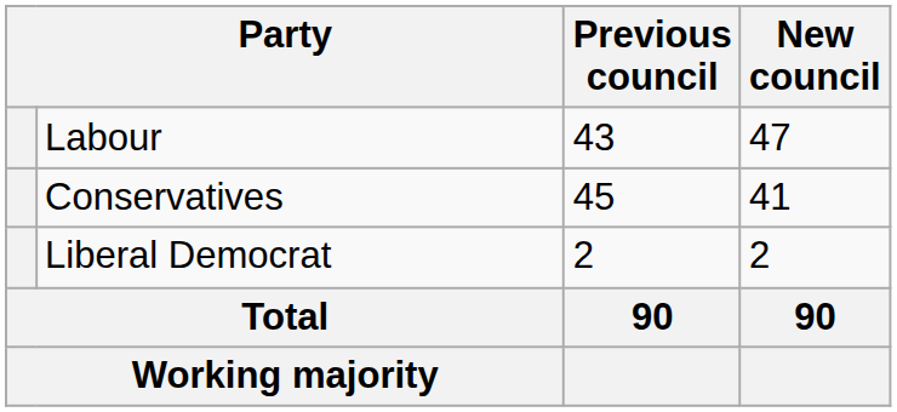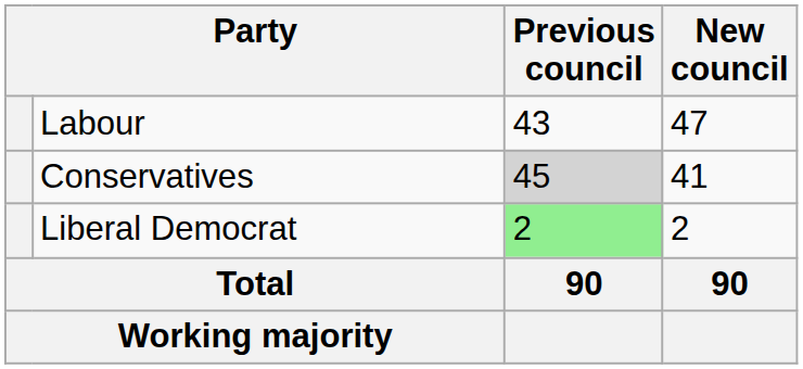 <table class="wikitable">
 <tr>
 <th valign=top colspan="2" style="width: 230px">Party</th>
 <th valign=top style="width: 30px">Previous council</th>
 <th valign=top style="width: 30px">New council</th>
 </tr>
 <tr>
 <th style="background-color: "></th>
 <td>Labour</td>
 <td>43</td>
 <td>47</td>
 </tr>
 <tr>
 <th style="background-color: "></th>
 <td>Conservatives</td>
-<td>45</td>
+<td style="background: lightgrey;">45</td>
 <td>41</td>
 </tr>
 <tr>
 <th style="background-color: "></th>
 <td>Liberal Democrat</td>
-<td>2</td>
+<td style="background: lightgreen;">2</td>
 <td>2</td>
 </tr>
 <tr>
 <th colspan=2>Total</th>
 <th style="text-align: center">90</th>
 <th colspan=3>90</th>
 </tr>
 <tr>
 <th colspan=2>Working majority</th>
 <th></th>
 <th></th>
 </tr>
 </table>
